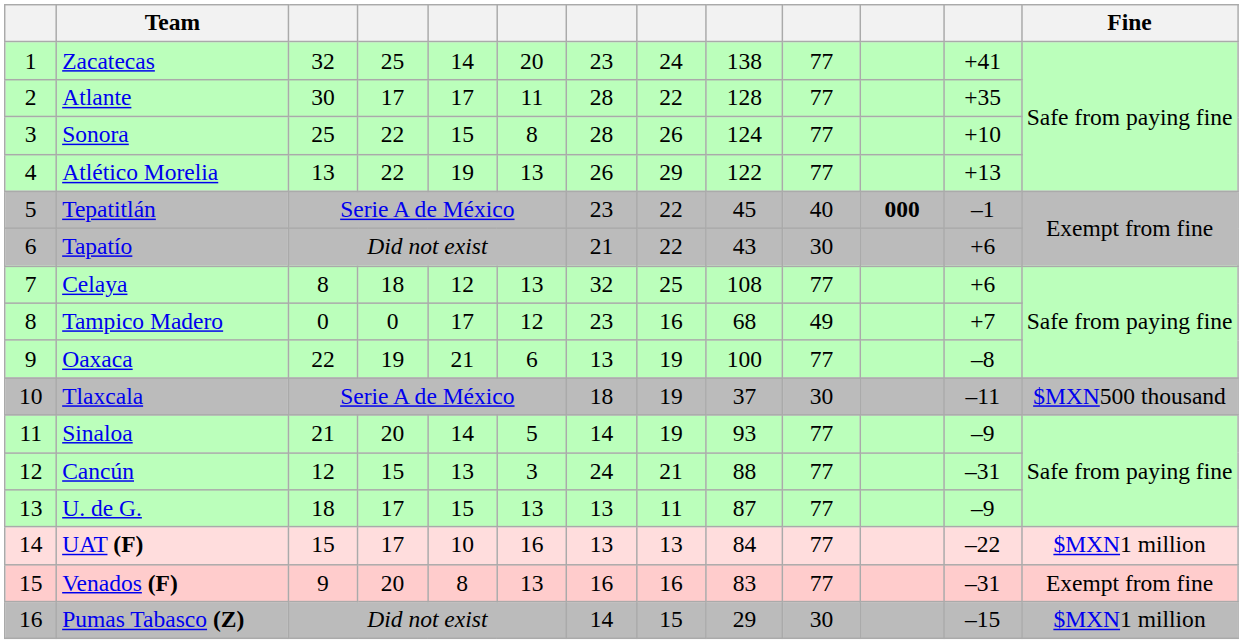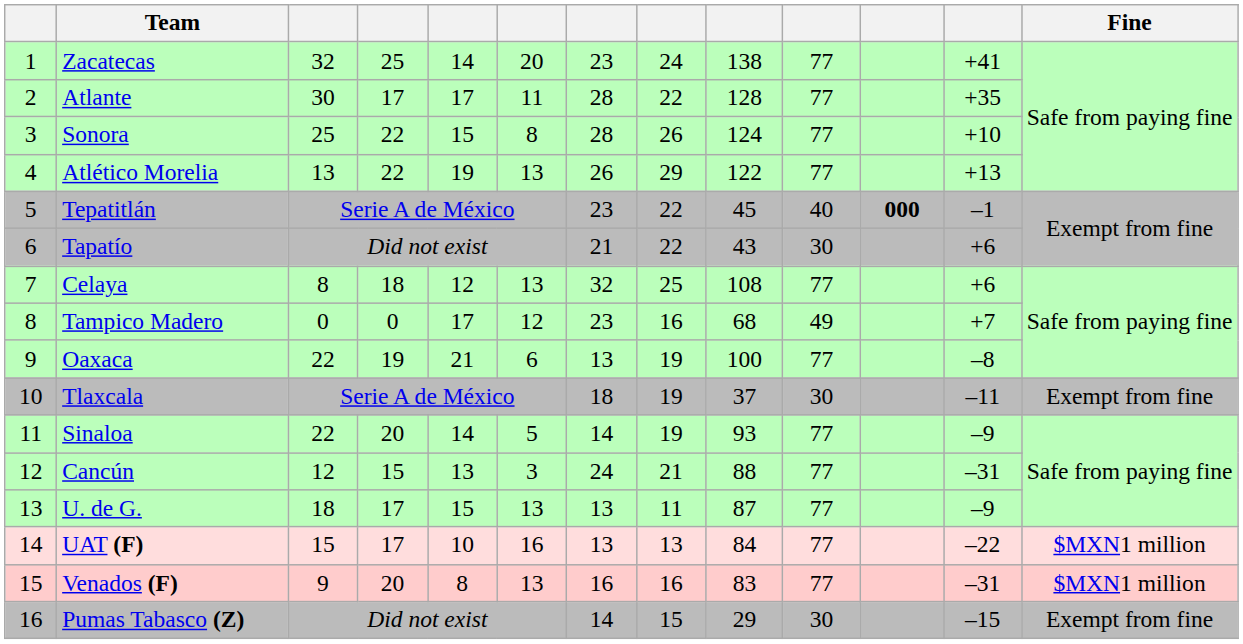 <table class="wikitable sortable" style="text-align: center;">
 <tr>
 <th width=28><br></th>
 <th width=150>Team</th>
 <th width=40></th>
 <th width=40></th>
 <th width=40></th>
 <th width=40></th>
 <th width=40></th>
 <th width=40></th>
 <th width=45></th>
 <th width=45></th>
 <th width=50><br></th>
 <th width=45><br></th>
 <th>Fine</th>
 </tr>
 <tr style="text-align:center; background:#BBFFBB;">
 <td>1</td>
 <td align=left><a href='#'>Zacatecas</a></td>
 <td>32</td>
 <td>25</td>
 <td>14</td>
 <td>20</td>
 <td>23</td>
 <td>24</td>
 <td>138</td>
 <td>77</td>
 <td><strong></strong></td>
 <td>+41</td>
 <td align=center rowspan=4>Safe from paying fine</td>
 </tr>
 <tr style="text-align:center;background:#BBFFBB;">
 <td>2</td>
 <td align=left><a href='#'>Atlante</a></td>
 <td>30</td>
 <td>17</td>
 <td>17</td>
 <td>11</td>
 <td>28</td>
 <td>22</td>
 <td>128</td>
 <td>77</td>
 <td><strong></strong></td>
 <td>+35</td>
 </tr>
 <tr style="text-align:center;background:#BBFFBB;">
 <td>3</td>
 <td align=left><a href='#'>Sonora</a></td>
 <td>25</td>
 <td>22</td>
 <td>15</td>
 <td>8</td>
 <td>28</td>
 <td>26</td>
 <td>124</td>
 <td>77</td>
 <td><strong></strong></td>
 <td>+10</td>
 </tr>
 <tr style="text-align:center;background:#BBFFBB;">
 <td>4</td>
 <td align=left><a href='#'>Atlético Morelia</a></td>
 <td>13</td>
 <td>22</td>
 <td>19</td>
 <td>13</td>
 <td>26</td>
 <td>29</td>
 <td>122</td>
 <td>77</td>
 <td><strong></strong></td>
 <td>+13</td>
 </tr>
 <tr style="text-align:center;background:#BBBBBB;">
 <td>5</td>
 <td align=left><a href='#'>Tepatitlán</a></td>
 <td colspan="4"><a href='#'>Serie A de México</a></td>
 <td>23</td>
 <td>22</td>
 <td>45</td>
 <td>40</td>
 <td><strong>000</strong></td>
 <td>–1</td>
 <td align=center rowspan=2>Exempt from fine</td>
 </tr>
 <tr style="text-align:center;background:#BBBBBB;">
 <td>6</td>
 <td align=left><a href='#'>Tapatío</a></td>
 <td colspan="4"><em>Did not exist</em></td>
 <td>21</td>
 <td>22</td>
 <td>43</td>
 <td>30</td>
 <td><strong></strong></td>
 <td>+6</td>
 </tr>
 <tr style="text-align:center;background:#BBFFBB;">
 <td>7</td>
 <td align=left><a href='#'>Celaya</a></td>
 <td>8</td>
 <td>18</td>
 <td>12</td>
 <td>13</td>
 <td>32</td>
 <td>25</td>
 <td>108</td>
 <td>77</td>
 <td><strong></strong></td>
 <td>+6</td>
 <td align=center rowspan=3>Safe from paying fine</td>
 </tr>
 <tr style="text-align:center;background:#BBFFBB;">
 <td>8</td>
 <td align=left><a href='#'>Tampico Madero</a></td>
 <td>0</td>
 <td>0</td>
 <td>17</td>
 <td>12</td>
 <td>23</td>
 <td>16</td>
 <td>68</td>
 <td>49</td>
 <td><strong></strong></td>
 <td>+7</td>
 </tr>
 <tr style="text-align:center;background:#BBFFBB;">
 <td>9</td>
 <td align=left><a href='#'>Oaxaca</a></td>
 <td>22</td>
 <td>19</td>
 <td>21</td>
 <td>6</td>
 <td>13</td>
 <td>19</td>
 <td>100</td>
 <td>77</td>
 <td><strong></strong></td>
 <td>–8</td>
 </tr>
 <tr style="text-align:center;background:#BBBBBB;">
 <td>10</td>
 <td align=left><a href='#'>Tlaxcala</a></td>
 <td colspan="4"><a href='#'>Serie A de México</a></td>
 <td>18</td>
 <td>19</td>
 <td>37</td>
 <td>30</td>
 <td><strong></strong></td>
 <td>–11</td>
-<td><a href='#'>$MXN</a>500 thousand</td>
+<td align=center>Exempt from fine</td>
 </tr>
 <tr style="text-align:center;background:#BBFFBB;">
 <td>11</td>
 <td align=left><a href='#'>Sinaloa</a></td>
-<td>21</td>
+<td>22</td>
 <td>20</td>
 <td>14</td>
 <td>5</td>
 <td>14</td>
 <td>19</td>
 <td>93</td>
 <td>77</td>
 <td><strong></strong></td>
 <td>–9</td>
 <td align=center rowspan=3>Safe from paying fine</td>
 </tr>
 <tr style="text-align:center;background:#BBFFBB;">
 <td>12</td>
 <td align=left><a href='#'>Cancún</a></td>
 <td>12</td>
 <td>15</td>
 <td>13</td>
 <td>3</td>
 <td>24</td>
 <td>21</td>
 <td>88</td>
 <td>77</td>
 <td><strong></strong></td>
 <td>–31</td>
 </tr>
 <tr style="text-align:center;background:#BBFFBB;">
 <td>13</td>
 <td align=left><a href='#'>U. de G.</a></td>
 <td>18</td>
 <td>17</td>
 <td>15</td>
 <td>13</td>
 <td>13</td>
 <td>11</td>
 <td>87</td>
 <td>77</td>
 <td><strong></strong></td>
 <td>–9</td>
 </tr>
 <tr style="text-align:center;background:#FFDDDD;">
 <td>14</td>
 <td align=left><a href='#'>UAT</a> <strong>(F)</strong></td>
 <td>15</td>
 <td>17</td>
 <td>10</td>
 <td>16</td>
 <td>13</td>
 <td>13</td>
 <td>84</td>
 <td>77</td>
 <td><strong></strong></td>
 <td>–22</td>
 <td><a href='#'>$MXN</a>1 million</td>
 </tr>
 <tr style="text-align:center;background:#FFCCCC;">
 <td>15</td>
 <td align=left><a href='#'>Venados</a> <strong>(F)</strong></td>
 <td>9</td>
 <td>20</td>
 <td>8</td>
 <td>13</td>
 <td>16</td>
 <td>16</td>
 <td>83</td>
 <td>77</td>
 <td><strong></strong></td>
 <td>–31</td>
-<td align=center>Exempt from fine</td>
+<td><a href='#'>$MXN</a>1 million</td>
 </tr>
 <tr style="text-align:center;background:#BBBBBB;">
 <td>16</td>
 <td align=left><a href='#'>Pumas Tabasco</a> <strong>(Z)</strong></td>
 <td colspan="4"><em>Did not exist</em></td>
 <td>14</td>
 <td>15</td>
 <td>29</td>
 <td>30</td>
 <td><strong></strong></td>
 <td>–15</td>
-<td><a href='#'>$MXN</a>1 million</td>
+<td align=center>Exempt from fine</td>
 </tr>
 </table>
